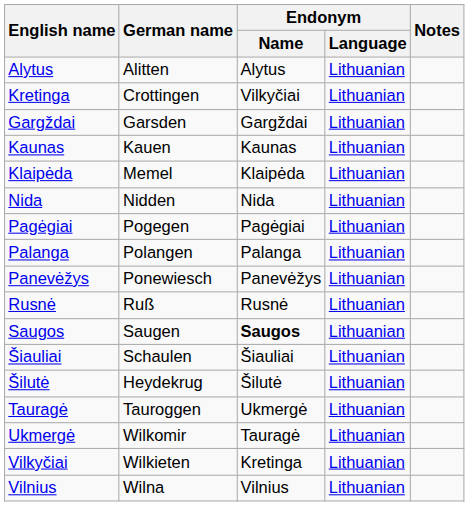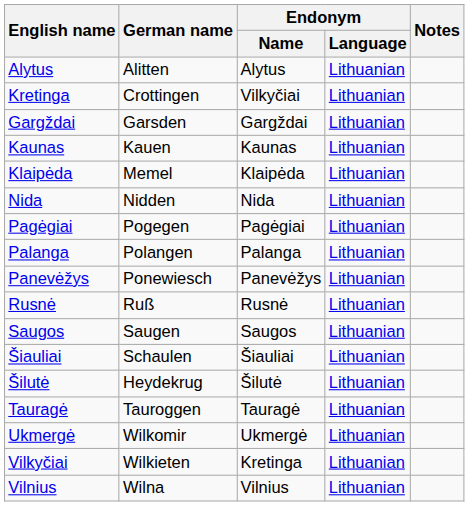 <table class="wikitable sortable mw-collapsible">
 <tr>
 <th rowspan="2">English name</th>
 <th rowspan="2">German name</th>
 <th colspan="2">Endonym</th>
 <th rowspan="2">Notes</th>
 </tr>
 <tr>
 <th>Name</th>
 <th>Language</th>
 </tr>
 <tr>
 <td><a href='#'>Alytus</a></td>
 <td>Alitten</td>
 <td>Alytus</td>
 <td><a href='#'>Lithuanian</a></td>
 <td></td>
 </tr>
 <tr>
 <td><a href='#'>Kretinga</a></td>
 <td>Crottingen</td>
 <td>Vilkyčiai</td>
 <td><a href='#'>Lithuanian</a></td>
 <td></td>
 </tr>
 <tr>
 <td><a href='#'>Gargždai</a></td>
 <td>Garsden</td>
 <td>Gargždai</td>
 <td><a href='#'>Lithuanian</a></td>
 <td></td>
 </tr>
 <tr>
 <td><a href='#'>Kaunas</a></td>
 <td>Kauen</td>
 <td>Kaunas</td>
 <td><a href='#'>Lithuanian</a></td>
 <td></td>
 </tr>
 <tr>
 <td><a href='#'>Klaipėda</a></td>
 <td>Memel</td>
 <td>Klaipėda</td>
 <td><a href='#'>Lithuanian</a></td>
 <td></td>
 </tr>
 <tr>
 <td><a href='#'>Nida</a></td>
 <td>Nidden</td>
 <td>Nida</td>
 <td><a href='#'>Lithuanian</a></td>
 <td></td>
 </tr>
 <tr>
 <td><a href='#'>Pagėgiai</a></td>
 <td>Pogegen</td>
 <td>Pagėgiai</td>
 <td><a href='#'>Lithuanian</a></td>
 <td></td>
 </tr>
 <tr>
 <td><a href='#'>Palanga</a></td>
 <td>Polangen</td>
 <td>Palanga</td>
 <td><a href='#'>Lithuanian</a></td>
 <td></td>
 </tr>
 <tr>
 <td><a href='#'>Panevėžys</a></td>
 <td>Ponewiesch</td>
 <td>Panevėžys</td>
 <td><a href='#'>Lithuanian</a></td>
 <td></td>
 </tr>
 <tr>
 <td><a href='#'>Rusnė</a></td>
 <td>Ruß</td>
 <td>Rusnė</td>
 <td><a href='#'>Lithuanian</a></td>
 <td></td>
 </tr>
 <tr>
 <td><a href='#'>Saugos</a></td>
 <td>Saugen</td>
-<td><strong>Saugos</strong></td>
+<td>Saugos</td>
 <td><a href='#'>Lithuanian</a></td>
 <td></td>
 </tr>
 <tr>
 <td><a href='#'>Šiauliai</a></td>
 <td>Schaulen</td>
 <td>Šiauliai</td>
 <td><a href='#'>Lithuanian</a></td>
 <td></td>
 </tr>
 <tr>
 <td><a href='#'>Šilutė</a></td>
 <td>Heydekrug</td>
 <td>Šilutė</td>
 <td><a href='#'>Lithuanian</a></td>
 <td></td>
 </tr>
 <tr>
 <td><a href='#'>Tauragė</a></td>
 <td>Tauroggen</td>
-<td>Ukmergė</td>
+<td>Tauragė</td>
 <td><a href='#'>Lithuanian</a></td>
 <td></td>
 </tr>
 <tr>
 <td><a href='#'>Ukmergė</a></td>
 <td>Wilkomir</td>
-<td>Tauragė</td>
+<td>Ukmergė</td>
 <td><a href='#'>Lithuanian</a></td>
 <td></td>
 </tr>
 <tr>
 <td><a href='#'>Vilkyčiai</a></td>
 <td>Wilkieten</td>
 <td>Kretinga</td>
 <td><a href='#'>Lithuanian</a></td>
 <td></td>
 </tr>
 <tr>
 <td><a href='#'>Vilnius</a></td>
 <td>Wilna</td>
 <td>Vilnius</td>
 <td><a href='#'>Lithuanian</a></td>
 <td></td>
 </tr>
 </table>
